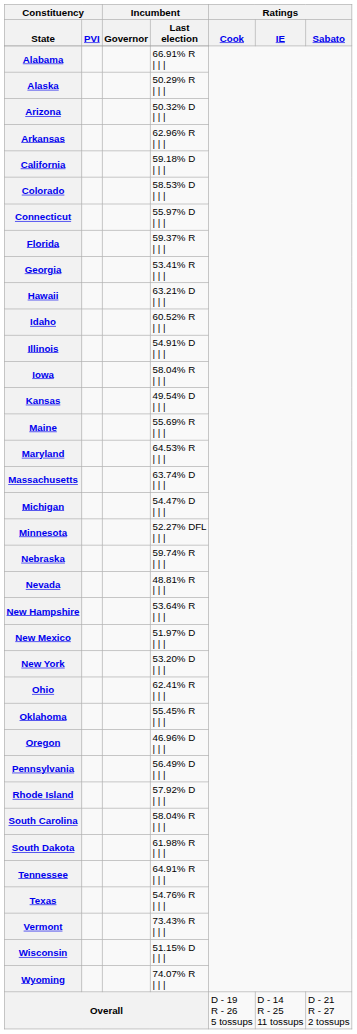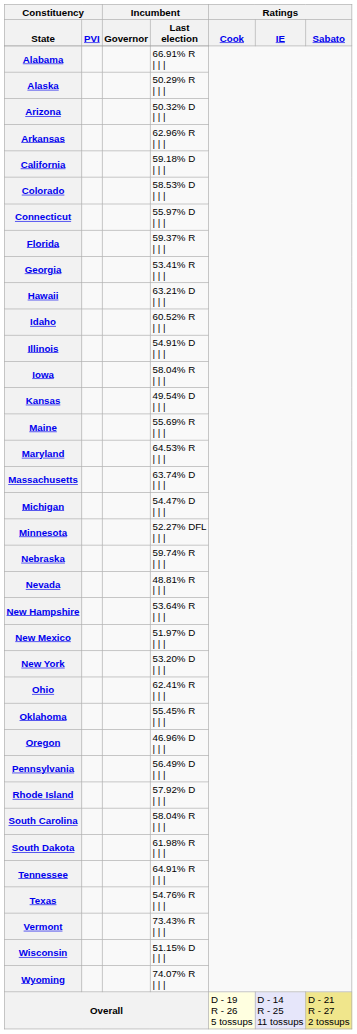 <table class="wikitable sortable sticky-header-multi" style="font-size:95%;">
 <tr style="vertical-align:bottom">
 <th colspan=2>Constituency</th>
 <th colspan=2>Incumbent</th>
 <th colspan="3">Ratings</th>
 </tr>
 <tr style="vertical-align:bottom">
 <th>State</th>
 <th><a href='#'>PVI</a></th>
 <th>Governor</th>
 <th data-sort-type="number">Last<br>election</th>
 <th><a href='#'>Cook</a><br></th>
 <th><a href='#'>IE</a><br></th>
 <th><a href='#'>Sabato</a><br></th>
 </tr>
 <tr>
 </tr>
 <tr>
 <th><a href='#'>Alabama</a></th>
 <td></td>
 <td><br></td>
 <td>66.91% R<br>   |    |    | </td>
 </tr>
 <tr>
 <th><a href='#'>Alaska</a></th>
 <td></td>
 <td><br></td>
 <td>50.29% R<br>   |    |    | </td>
 </tr>
 <tr>
 <th><a href='#'>Arizona</a></th>
 <td></td>
 <td></td>
 <td>50.32% D<br>   |    |    | </td>
 </tr>
 <tr>
 <th><a href='#'>Arkansas</a></th>
 <td></td>
 <td></td>
 <td>62.96% R<br>   |    |    | </td>
 </tr>
 <tr>
 <th><a href='#'>California</a></th>
 <td></td>
 <td><br></td>
 <td>59.18% D<br>   |    |    | </td>
 </tr>
 <tr>
 <th><a href='#'>Colorado</a></th>
 <td></td>
 <td><br></td>
 <td>58.53% D<br>   |    |    | </td>
 </tr>
 <tr>
 <th><a href='#'>Connecticut</a></th>
 <td></td>
 <td></td>
 <td>55.97% D<br>   |    |    | </td>
 </tr>
 <tr>
 <th><a href='#'>Florida</a></th>
 <td></td>
 <td><br></td>
 <td>59.37% R<br>   |    |    | </td>
 </tr>
 <tr>
 <th><a href='#'>Georgia</a></th>
 <td></td>
 <td><br></td>
 <td>53.41% R<br>   |    |    | </td>
 </tr>
 <tr>
 <th><a href='#'>Hawaii</a></th>
 <td></td>
 <td></td>
 <td>63.21% D<br>   |    |    | </td>
 </tr>
 <tr>
 <th><a href='#'>Idaho</a></th>
 <td></td>
 <td></td>
 <td>60.52% R<br>   |    |    | </td>
 </tr>
 <tr>
 <th><a href='#'>Illinois</a></th>
 <td></td>
 <td></td>
 <td>54.91% D<br>   |    |    | </td>
 </tr>
 <tr>
 <th><a href='#'>Iowa</a></th>
 <td></td>
 <td><br></td>
 <td>58.04% R<br>   |    |    | </td>
 </tr>
 <tr>
 <th><a href='#'>Kansas</a></th>
 <td></td>
 <td><br></td>
 <td>49.54% D<br>   |    |    | </td>
 </tr>
 <tr>
 <th><a href='#'>Maine</a></th>
 <td></td>
 <td><br></td>
 <td>55.69% R<br>   |    |    | </td>
 </tr>
 <tr>
 <th><a href='#'>Maryland</a></th>
 <td></td>
 <td></td>
 <td>64.53% R<br>   |    |    | </td>
 </tr>
 <tr>
 <th><a href='#'>Massachusetts</a></th>
 <td></td>
 <td></td>
 <td>63.74% D<br>   |    |    | </td>
 </tr>
 <tr>
 <th><a href='#'>Michigan</a></th>
 <td></td>
 <td><br></td>
 <td>54.47% D<br>   |    |    | </td>
 </tr>
 <tr>
 <th><a href='#'>Minnesota</a></th>
 <td></td>
 <td></td>
 <td>52.27% DFL<br>   |    |    | </td>
 </tr>
 <tr>
 <th><a href='#'>Nebraska</a></th>
 <td></td>
 <td></td>
 <td>59.74% R<br>   |    |    | </td>
 </tr>
 <tr>
 <th><a href='#'>Nevada</a></th>
 <td></td>
 <td></td>
 <td>48.81% R<br>   |    |    | </td>
 </tr>
 <tr>
 <th><a href='#'>New Hampshire</a></th>
 <td></td>
 <td></td>
 <td>53.64% R<br>   |    |    | </td>
 </tr>
 <tr>
 <th><a href='#'>New Mexico</a></th>
 <td></td>
 <td><br></td>
 <td>51.97% D<br>   |    |    | </td>
 </tr>
 <tr>
 <th><a href='#'>New York</a></th>
 <td></td>
 <td></td>
 <td>53.20% D<br>   |    |    | </td>
 </tr>
 <tr>
 <th><a href='#'>Ohio</a></th>
 <td></td>
 <td><br></td>
 <td>62.41% R<br>   |    |    | </td>
 </tr>
 <tr>
 <th><a href='#'>Oklahoma</a></th>
 <td></td>
 <td><br></td>
 <td>55.45% R<br>   |    |    | </td>
 </tr>
 <tr>
 <th><a href='#'>Oregon</a></th>
 <td></td>
 <td></td>
 <td>46.96% D<br>   |    |    | </td>
 </tr>
 <tr>
 <th><a href='#'>Pennsylvania</a></th>
 <td></td>
 <td></td>
 <td>56.49% D<br>   |    |    | </td>
 </tr>
 <tr>
 <th><a href='#'>Rhode Island</a></th>
 <td></td>
 <td></td>
 <td>57.92% D<br>   |    |    | </td>
 </tr>
 <tr>
 <th><a href='#'>South Carolina</a></th>
 <td></td>
 <td><br></td>
 <td>58.04% R<br>   |    |    | </td>
 </tr>
 <tr>
 <th><a href='#'>South Dakota</a></th>
 <td></td>
 <td></td>
 <td>61.98% R<br>   |    |    | </td>
 </tr>
 <tr>
 <th><a href='#'>Tennessee</a></th>
 <td></td>
 <td><br></td>
 <td>64.91% R<br>   |    |    | </td>
 </tr>
 <tr>
 <th><a href='#'>Texas</a></th>
 <td></td>
 <td></td>
 <td>54.76% R<br>   |    |    | </td>
 </tr>
 <tr>
 <th><a href='#'>Vermont</a></th>
 <td></td>
 <td></td>
 <td>73.43% R<br>   |    |    | </td>
 </tr>
 <tr>
 <th><a href='#'>Wisconsin</a></th>
 <td></td>
 <td></td>
 <td>51.15% D<br>   |    |    | </td>
 </tr>
 <tr>
 <th><a href='#'>Wyoming</a></th>
 <td></td>
 <td><br></td>
 <td>74.07% R<br>   |    |    | </td>
 </tr>
 <tr class="sortbottom">
 <th colspan=4>Overall<br></th>
-<td>D - 19<br>R - 26<br>5 tossups<br></td>
-<td>D - 14<br>R - 25<br>11 tossups<br></td>
-<td>D - 21<br>R - 27<br>2 tossups</td>
+<td style="background: lightyellow;">D - 19<br>R - 26<br>5 tossups<br></td>
+<td style="background: lavender;">D - 14<br>R - 25<br>11 tossups<br></td>
+<td style="background: khaki;">D - 21<br>R - 27<br>2 tossups</td>
 </tr>
 </table>
